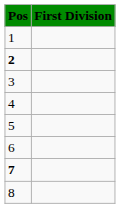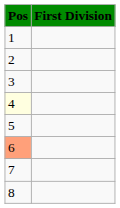 <table class="wikitable" style="margin:0.5em auto; font-size:95%">
 <tr style="background:#008b00;">
 <td><strong>Pos</strong></td>
 <td><strong>First Division</strong></td>
 </tr>
 <tr>
 <td>1</td>
 <td></td>
 </tr>
 <tr>
-<td><strong>2</strong></td>
+<td>2</td>
 <td></td>
 </tr>
 <tr>
 <td>3</td>
 <td></td>
 </tr>
 <tr>
-<td>4</td>
+<td style="background: lightyellow;">4</td>
 <td></td>
 </tr>
 <tr>
 <td>5</td>
 <td></td>
 </tr>
 <tr>
-<td>6</td>
+<td style="background: lightsalmon;">6</td>
 <td></td>
 </tr>
 <tr>
-<td><strong>7</strong></td>
+<td>7</td>
 <td></td>
 </tr>
 <tr>
 <td>8</td>
 <td></td>
 </tr>
 </table>
